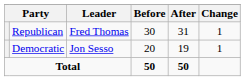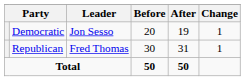 <table class="wikitable" style="text-align:center;">
 <tr>
 </tr>
 <tr>
 <th colspan=2>Party</th>
 <th>Leader</th>
 <th>Before</th>
 <th>After</th>
 <th>Change</th>
 </tr>
 <tr>
 <th style="background-color:"></th>
+<td style="text-align:left;"><a href='#'>Democratic</a></td>
+<td style="text-align:left;"><a href='#'>Jon Sesso</a></td>
+<td>20</td>
+<td>19</td>
+<td> 1</td>
+</tr>
+<tr>
+<th style="background-color:"></th>
 <td style="text-align:left;"><a href='#'>Republican</a></td>
 <td style="text-align:left;"><a href='#'>Fred Thomas</a></td>
 <td>30</td>
 <td>31</td>
-<td> 1</td>
-</tr>
-<tr>
-<th style="background-color:"></th>
-<td style="text-align:left;"><a href='#'>Democratic</a></td>
-<td style="text-align:left;"><a href='#'>Jon Sesso</a></td>
-<td>20</td>
-<td>19</td>
 <td> 1</td>
 </tr>
 <tr>
 <td colspan=3><strong>Total</strong></td>
 <td><strong>50</strong></td>
 <td><strong>50</strong></td>
 <td></td>
 </tr>
 </table>
